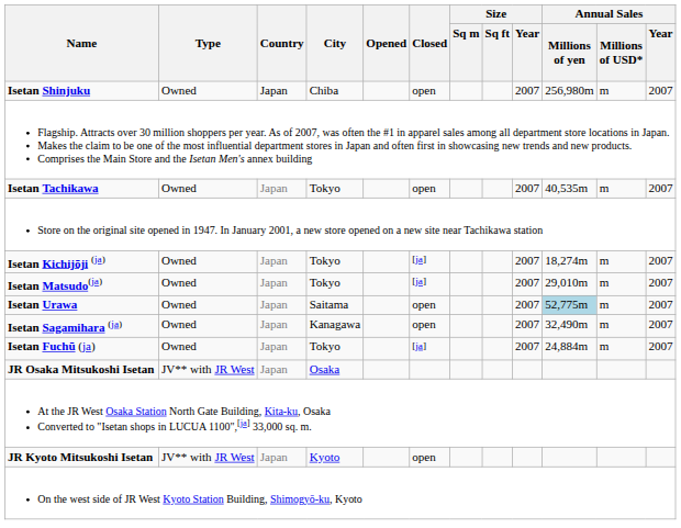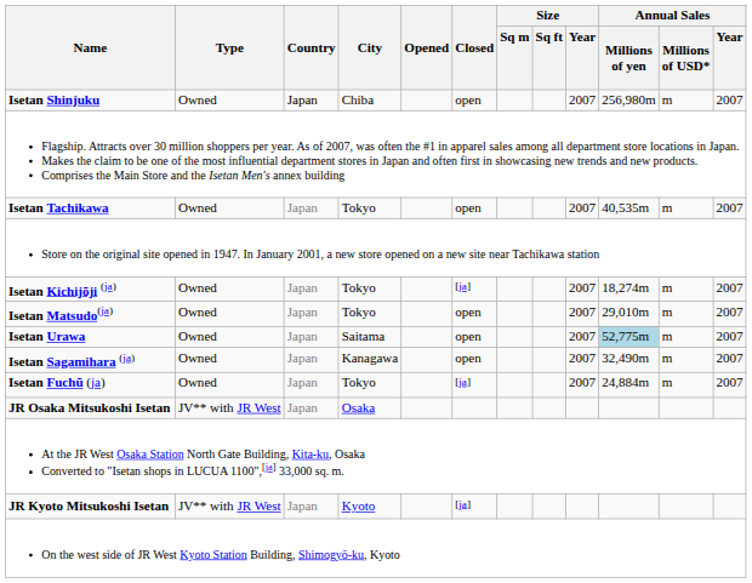 <table table class="wikitable sortable">
 <tr>
 <th style="align:center;" rowspan="2">Name</th>
 <th style="align:center;" rowspan="2">Type</th>
 <th style="align:center;" rowspan="2">Country</th>
 <th style="align:center;" rowspan="2">City</th>
 <th style="align:center;" rowspan="2">Opened</th>
 <th style="align:center;" rowspan="2">Closed</th>
 <th style="vertical-align:top;align:center;" colspan="3">Size</th>
 <th style="vertical-align:top;align:center;" colspan="3">Annual Sales</th>
 </tr>
 <tr>
 <th style="vertical-align:top;align:center;">Sq m</th>
 <th style="vertical-align:top;align:center;">Sq ft</th>
 <th style="vertical-align:top;align:center;">Year</th>
 <th style="vertical-align:top;align:center;"><p>Millions<br>of yen</p></th>
 <th style="vertical-align:top;align:center;"><p>Millions<br>of USD*</p></th>
 <th style="vertical-align:top;align:center;">Year</th>
 </tr>
 <tr style="vertical-align:top;">
 <td><strong>Isetan <a href='#'>Shinjuku</a></strong></td>
 <td>Owned</td>
 <td>Japan</td>
 <td>Chiba</td>
 <td> </td>
 <td>open</td>
 <td></td>
 <td></td>
 <td>2007</td>
 <td>256,980m</td>
 <td>m</td>
 <td>2007</td>
 </tr>
 <tr class="expand-child" style="background:white;font-size:0.9em;">
 <td colspan=12><br><ul><li>Flagship. Attracts over 30 million shoppers per year. As of 2007, was often the #1 in apparel sales among all department store locations in Japan.</li><li>Makes the claim to be one of the most influential department stores in Japan and often first in showcasing new trends and new products.</li><li>Comprises the Main Store and the <em>Isetan Men's</em> annex building</li></ul></td>
 </tr>
 <tr style="vertical-align:top;">
 <td><strong>Isetan <a href='#'>Tachikawa</a></strong></td>
 <td>Owned</td>
 <td style="color:grey">Japan</td>
 <td>Tokyo</td>
 <td></td>
 <td>open</td>
 <td></td>
 <td></td>
 <td>2007</td>
 <td>40,535m</td>
 <td>m</td>
 <td>2007</td>
 </tr>
 <tr class="expand-child" style="background:white;font-size:0.9em;">
 <td colspan=12><br><ul><li>Store on the original site opened in 1947. In January 2001, a new store opened on a new site near Tachikawa station</li></ul></td>
 </tr>
 <tr style="vertical-align:top;">
 <td><strong>Isetan <a href='#'>Kichijōji</a></strong> <sup>(<a href='#'>ja</a>)</sup></td>
 <td>Owned</td>
 <td style="color:grey">Japan</td>
 <td>Tokyo</td>
 <td></td>
 <td><sup>&#91;<a href='#'>ja</a>&#93;</sup></td>
 <td></td>
 <td></td>
 <td>2007</td>
 <td>18,274m</td>
 <td>m</td>
 <td>2007<br></td>
 </tr>
 <tr style="vertical-align:top;">
 <td><strong>Isetan <a href='#'>Matsudo</a></strong><sup>(<a href='#'>ja</a>)</sup></td>
 <td>Owned</td>
 <td style="color:grey">Japan</td>
 <td>Tokyo</td>
 <td></td>
-<td><sup>&#91;<a href='#'>ja</a>&#93;</sup></td>
+<td>open</td>
 <td></td>
 <td></td>
 <td>2007</td>
 <td>29,010m</td>
 <td>m</td>
 <td>2007<br></td>
 </tr>
 <tr style="vertical-align:top;">
 <td><strong>Isetan <a href='#'>Urawa</a></strong></td>
 <td>Owned</td>
 <td style="color:grey">Japan</td>
 <td>Saitama</td>
 <td></td>
 <td>open</td>
 <td></td>
 <td></td>
 <td>2007</td>
 <td style="background: lightblue;">52,775m</td>
 <td>m</td>
 <td>2007<br></td>
 </tr>
 <tr style="vertical-align:top;">
 <td><strong>Isetan <a href='#'>Sagamihara</a></strong> <sup>(<a href='#'>ja</a>)</sup></td>
 <td>Owned</td>
 <td style="color:grey">Japan</td>
 <td>Kanagawa</td>
 <td></td>
 <td>open</td>
 <td></td>
 <td></td>
 <td>2007</td>
 <td>32,490m</td>
 <td>m</td>
 <td>2007<br></td>
 </tr>
 <tr style="vertical-align:top;">
 <td><strong>Isetan <a href='#'>Fuchū</a></strong> (<a href='#'>ja</a>)</td>
 <td>Owned</td>
 <td style="color:grey">Japan</td>
 <td>Tokyo</td>
 <td></td>
 <td><sup>&#91;<a href='#'>ja</a>&#93;</sup></td>
 <td></td>
 <td></td>
 <td>2007</td>
 <td>24,884m</td>
 <td>m</td>
 <td>2007<br></td>
 </tr>
 <tr style="vertical-align:top;">
 <td><strong>JR Osaka Mitsukoshi Isetan</strong></td>
 <td>JV** with <a href='#'>JR West</a></td>
 <td style="color:grey">Japan</td>
 <td><a href='#'>Osaka</a></td>
 <td></td>
 <td></td>
 <td></td>
 <td></td>
 <td></td>
 <td></td>
 <td></td>
 <td></td>
 </tr>
 <tr class="expand-child" style="background:white;font-size:0.9em;">
 <td colspan=12><br><ul><li>At the JR West <a href='#'>Osaka Station</a> North Gate Building, <a href='#'>Kita-ku</a>, Osaka</li><li>Converted to "Isetan shops in LUCUA 1100",<sup>&#91;<a href='#'>ja</a>&#93;</sup> 33,000 sq. m.</li></ul></td>
 </tr>
 <tr>
 <td><strong>JR Kyoto Mitsukoshi Isetan</strong> </td>
 <td>JV** with <a href='#'>JR West</a></td>
 <td style="color:grey">Japan</td>
 <td><a href='#'>Kyoto</a></td>
 <td></td>
-<td>open</td>
+<td><sup>&#91;<a href='#'>ja</a>&#93;</sup></td>
 <td></td>
 <td></td>
 <td></td>
 <td></td>
 <td></td>
 <td></td>
 </tr>
 <tr class="expand-child" style="background:white;font-size:0.9em;">
 <td colspan=12><br><ul><li>On the west side of JR West <a href='#'>Kyoto Station</a> Building, <a href='#'>Shimogyō-ku</a>, Kyoto</li></ul></td>
 </tr>
 </table>
